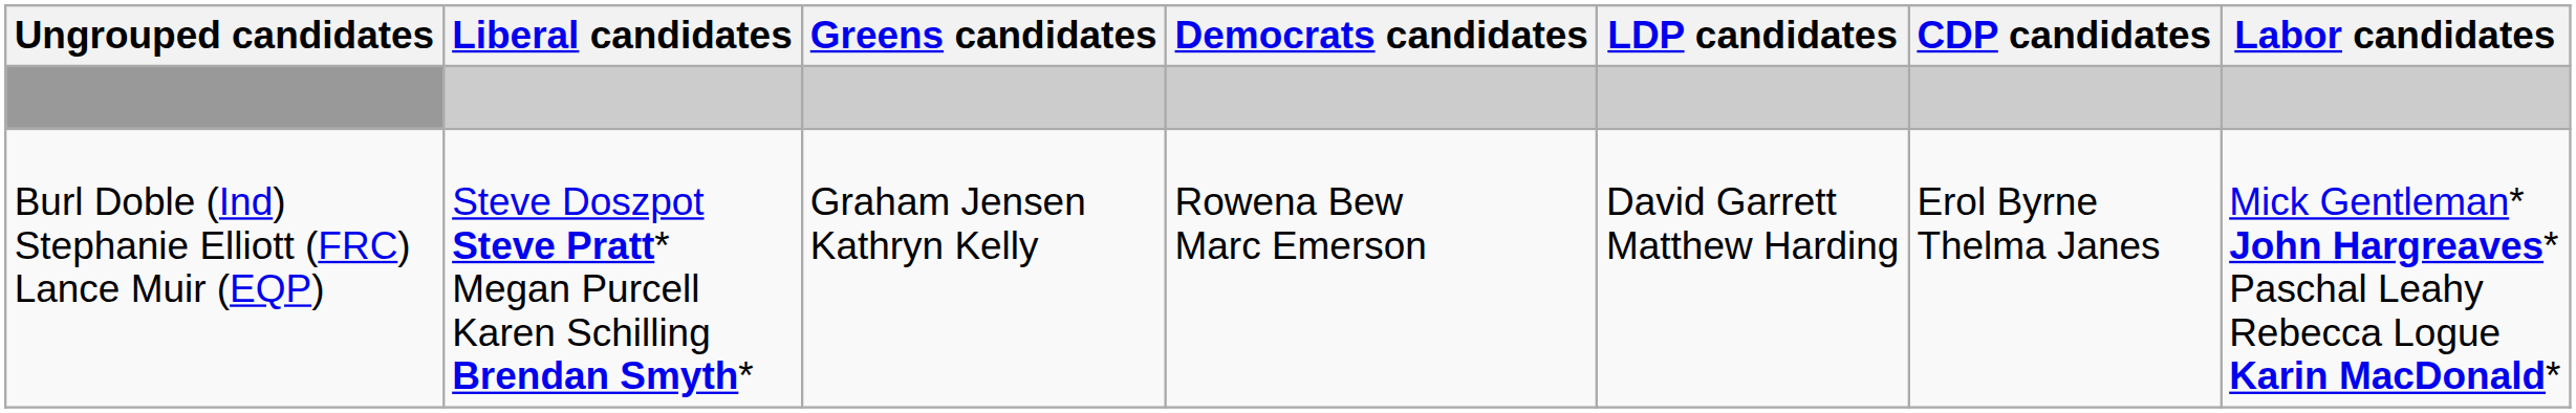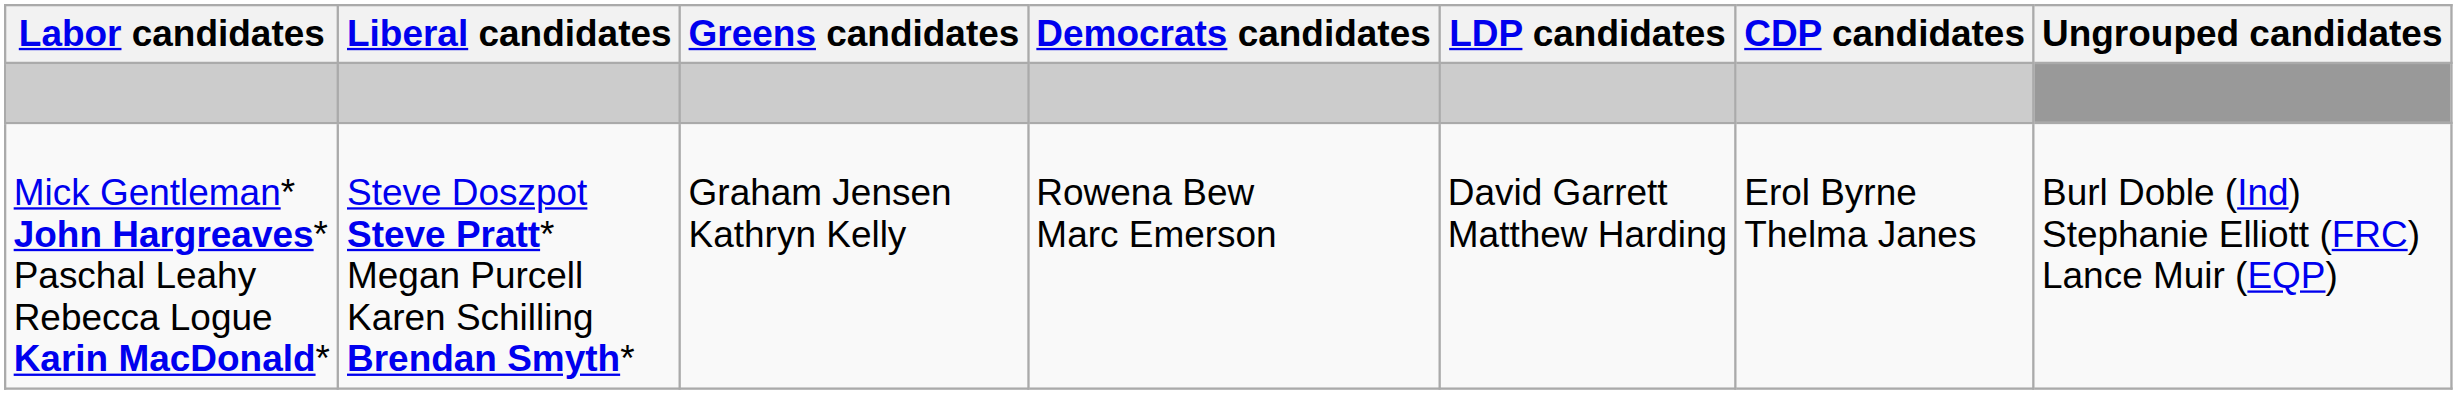 <table class="wikitable">
 <tr>
-<th>Ungrouped candidates</th>
+<th><a href='#'>Labor</a> candidates</th>
 <th><a href='#'>Liberal</a> candidates</th>
 <th><a href='#'>Greens</a> candidates</th>
 <th><a href='#'>Democrats</a> candidates</th>
 <th><a href='#'>LDP</a> candidates</th>
 <th><a href='#'>CDP</a> candidates</th>
-<th><a href='#'>Labor</a> candidates</th>
+<th>Ungrouped candidates</th>
 </tr>
 <tr bgcolor="#cccccc">
-<td bgcolor="#999999"> </td>
 <td></td>
 <td></td>
 <td></td>
 <td></td>
 <td></td>
 <td></td>
+<td bgcolor="#999999"> </td>
 </tr>
 <tr>
-<td valign=top><br>Burl Doble (<a href='#'>Ind</a>) <br> Stephanie Elliott (<a href='#'>FRC</a>) <br> Lance Muir (<a href='#'>EQP</a>)</td>
+<td><br><a href='#'>Mick Gentleman</a>* <br> <strong><a href='#'>John Hargreaves</a></strong>* <br> Paschal Leahy <br> Rebecca Logue <br> <strong><a href='#'>Karin MacDonald</a></strong>*</td>
 <td><br><a href='#'>Steve Doszpot</a> <br> <strong><a href='#'>Steve Pratt</a></strong>* <br> Megan Purcell <br> Karen Schilling <br> <strong><a href='#'>Brendan Smyth</a></strong>*</td>
 <td valign=top><br>Graham Jensen <br> Kathryn Kelly</td>
 <td valign=top><br>Rowena Bew <br> Marc Emerson</td>
 <td valign=top><br>David Garrett <br> Matthew Harding</td>
 <td valign=top><br>Erol Byrne <br> Thelma Janes</td>
-<td><br><a href='#'>Mick Gentleman</a>* <br> <strong><a href='#'>John Hargreaves</a></strong>* <br> Paschal Leahy <br> Rebecca Logue <br> <strong><a href='#'>Karin MacDonald</a></strong>*</td>
+<td valign=top><br>Burl Doble (<a href='#'>Ind</a>) <br> Stephanie Elliott (<a href='#'>FRC</a>) <br> Lance Muir (<a href='#'>EQP</a>)</td>
 </tr>
 </table>
